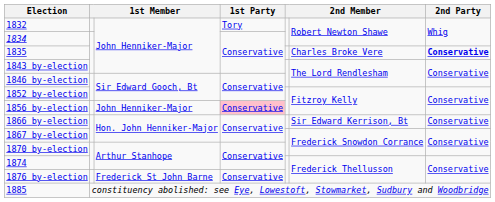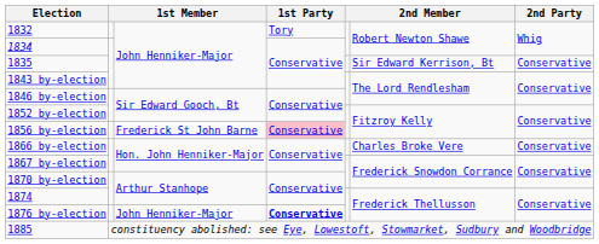 <table class="wikitable">
 <tr>
 <th>Election</th>
 <th colspan="2">1st Member</th>
 <th>1st Party</th>
 <th colspan="2">2nd Member</th>
 <th>2nd Party</th>
 </tr>
 <tr>
 <td><a href='#'>1832</a></td>
 <td style="color:inherit;background-color: "></td>
 <td rowspan="4"><a href='#'>John Henniker-Major</a></td>
 <td><a href='#'>Tory</a></td>
 <td rowspan="2" style="color:inherit;background-color: "></td>
 <td rowspan="2"><a href='#'>Robert Newton Shawe</a></td>
 <td rowspan="2"><a href='#'>Whig</a></td>
 </tr>
 <tr>
 <td><em><a href='#'>1834</a></em></td>
 <td rowspan="3" style="color:inherit;background-color: "></td>
 <td rowspan="3"><a href='#'>Conservative</a></td>
 </tr>
 <tr>
 <td><a href='#'>1835</a></td>
 <td style="color:inherit;background-color: "></td>
-<td><a href='#'>Charles Broke Vere</a></td>
-<td><strong><a href='#'>Conservative</a></strong></td>
+<td><a href='#'>Sir Edward Kerrison, Bt</a></td>
+<td><a href='#'>Conservative</a></td>
 </tr>
 <tr>
 <td><a href='#'>1843 by-election</a></td>
 <td rowspan="2" style="color:inherit;background-color: "></td>
 <td rowspan="2"><a href='#'>The Lord Rendlesham</a></td>
 <td rowspan="2"><a href='#'>Conservative</a></td>
 </tr>
 <tr>
 <td><a href='#'>1846 by-election</a></td>
 <td rowspan="2" style="color:inherit;background-color: "></td>
 <td rowspan="2"><a href='#'>Sir Edward Gooch, Bt</a></td>
 <td rowspan="2"><a href='#'>Conservative</a></td>
 </tr>
 <tr>
 <td><a href='#'>1852 by-election</a></td>
 <td rowspan="2" style="color:inherit;background-color: "></td>
 <td rowspan="2"><a href='#'>Fitzroy Kelly</a></td>
 <td rowspan="2"><a href='#'>Conservative</a></td>
 </tr>
 <tr>
 <td><a href='#'>1856 by-election</a></td>
 <td style="color:inherit;background-color: "></td>
-<td><a href='#'>John Henniker-Major</a></td>
+<td><a href='#'>Frederick St John Barne</a></td>
 <td style="background: pink;"><a href='#'>Conservative</a></td>
 </tr>
 <tr>
 <td><a href='#'>1866 by-election</a></td>
 <td rowspan="2" style="color:inherit;background-color: "></td>
 <td rowspan="2"><a href='#'>Hon. John Henniker-Major</a></td>
 <td rowspan="2"><a href='#'>Conservative</a></td>
 <td style="color:inherit;background-color: "></td>
-<td><a href='#'>Sir Edward Kerrison, Bt</a></td>
+<td><a href='#'>Charles Broke Vere</a></td>
 <td><a href='#'>Conservative</a></td>
 </tr>
 <tr>
 <td><a href='#'>1867 by-election</a></td>
 <td rowspan="2" style="color:inherit;background-color: "></td>
 <td rowspan="2"><a href='#'>Frederick Snowdon Corrance</a></td>
 <td rowspan="2"><a href='#'>Conservative</a></td>
 </tr>
 <tr>
 <td><a href='#'>1870 by-election</a></td>
 <td rowspan="2" style="color:inherit;background-color: "></td>
 <td rowspan="2"><a href='#'>Arthur Stanhope</a></td>
 <td rowspan="2"><a href='#'>Conservative</a></td>
 </tr>
 <tr>
 <td><a href='#'>1874</a></td>
 <td rowspan="2" style="color:inherit;background-color: "></td>
 <td rowspan="2"><a href='#'>Frederick Thellusson</a></td>
 <td rowspan="2"><a href='#'>Conservative</a></td>
 </tr>
 <tr>
 <td><a href='#'>1876 by-election</a></td>
 <td style="color:inherit;background-color: "></td>
-<td><a href='#'>Frederick St John Barne</a></td>
-<td><a href='#'>Conservative</a></td>
+<td><a href='#'>John Henniker-Major</a></td>
+<td><strong><a href='#'>Conservative</a></strong></td>
 </tr>
 <tr>
 <td><a href='#'>1885</a></td>
 <td colspan="6"><em>constituency abolished: see <a href='#'>Eye</a>, <a href='#'>Lowestoft</a>, <a href='#'>Stowmarket</a>, <a href='#'>Sudbury</a> and <a href='#'>Woodbridge</a></em></td>
 </tr>
 </table>
